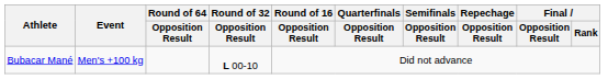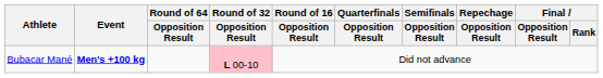 <table class="wikitable" style="font-size:90%">
 <tr>
 <th rowspan="2">Athlete</th>
 <th rowspan="2">Event</th>
 <th>Round of 64</th>
 <th>Round of 32</th>
 <th>Round of 16</th>
 <th>Quarterfinals</th>
 <th>Semifinals</th>
 <th>Repechage</th>
 <th colspan=2>Final / </th>
 </tr>
 <tr style="font-size:95%">
 <th>Opposition<br>Result</th>
 <th>Opposition<br>Result</th>
 <th>Opposition<br>Result</th>
 <th>Opposition<br>Result</th>
 <th>Opposition<br>Result</th>
 <th>Opposition<br>Result</th>
 <th>Opposition<br>Result</th>
 <th>Rank</th>
 </tr>
 <tr align=center>
 <td align=left><a href='#'>Bubacar Mané</a></td>
-<td align=left><a href='#'>Men's +100 kg</a></td>
+<td align=left><strong><a href='#'>Men's +100 kg</a></strong></td>
 <td></td>
-<td><br><strong>L</strong> 00-10</td>
+<td style="background: pink;"><br><strong>L</strong> 00-10</td>
 <td colspan="6">Did not advance</td>
 </tr>
 </table>
